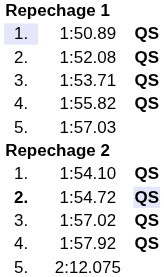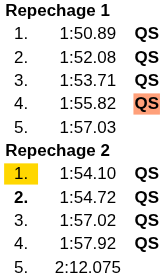 <table style="text-align:center">
 <tr>
 <td colspan=4 align=left><strong>Repechage 1</strong></td>
 </tr>
 <tr>
-<td width=30 style="background: lavender;">1.</td>
+<td width=30>1.</td>
 <td align=left></td>
 <td width=80>1:50.89</td>
 <td><strong>QS</strong></td>
 </tr>
 <tr>
 <td>2.</td>
 <td align=left></td>
 <td>1:52.08</td>
 <td><strong>QS</strong></td>
 </tr>
 <tr>
 <td>3.</td>
 <td align=left></td>
 <td>1:53.71</td>
 <td><strong>QS</strong></td>
 </tr>
 <tr>
 <td>4.</td>
 <td align=left></td>
 <td>1:55.82</td>
-<td><strong>QS</strong></td>
+<td style="background: lightsalmon;"><strong>QS</strong></td>
 </tr>
 <tr>
 <td>5.</td>
 <td align=left></td>
 <td>1:57.03</td>
 <td></td>
 </tr>
 <tr>
 <td colspan=4 align=left><strong>Repechage 2</strong></td>
 </tr>
 <tr>
-<td>1.</td>
+<td style="background: gold;">1.</td>
 <td align=left></td>
 <td>1:54.10</td>
 <td><strong>QS</strong></td>
 </tr>
 <tr>
 <td><strong>2.</strong></td>
 <td align=left></td>
 <td>1:54.72</td>
-<td style="background: lavender;"><strong>QS</strong></td>
+<td><strong>QS</strong></td>
 </tr>
 <tr>
 <td>3.</td>
 <td align=left></td>
 <td>1:57.02</td>
 <td><strong>QS</strong></td>
 </tr>
 <tr>
 <td>4.</td>
 <td align=left></td>
 <td>1:57.92</td>
 <td><strong>QS</strong></td>
 </tr>
 <tr>
 <td>5.</td>
 <td align=left></td>
 <td>2:12.075</td>
 <td></td>
 </tr>
 </table>
